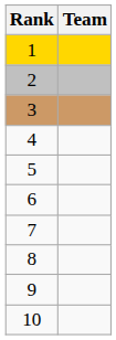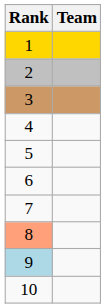 <table class="wikitable" style="margin: 0 auto;">
 <tr>
 <th>Rank</th>
 <th>Team</th>
 </tr>
 <tr bgcolor=gold>
 <td align=center>1</td>
 <td align=left></td>
 </tr>
 <tr bgcolor=silver>
 <td align=center>2</td>
 <td align=left></td>
 </tr>
 <tr bgcolor="#cc9966">
 <td align=center>3</td>
 <td align=left></td>
 </tr>
 <tr>
 <td align=center>4</td>
 <td align=left></td>
 </tr>
 <tr>
 <td align=center>5</td>
 <td align=left></td>
 </tr>
 <tr>
 <td align=center>6</td>
 <td align=left></td>
 </tr>
 <tr>
 <td align=center>7</td>
 <td align=left></td>
 </tr>
 <tr>
-<td align=center>8</td>
+<td align=center style="background: lightsalmon;">8</td>
 <td align=left></td>
 </tr>
 <tr>
-<td align=center>9</td>
+<td align=center style="background: lightblue;">9</td>
 <td align=left></td>
 </tr>
 <tr>
 <td align=center>10</td>
 <td align=left></td>
 </tr>
 </table>
